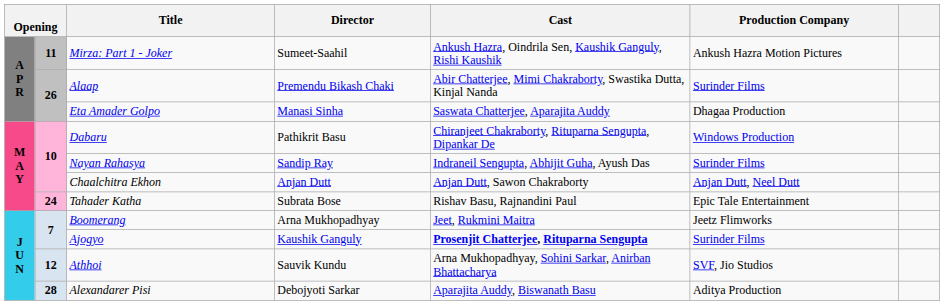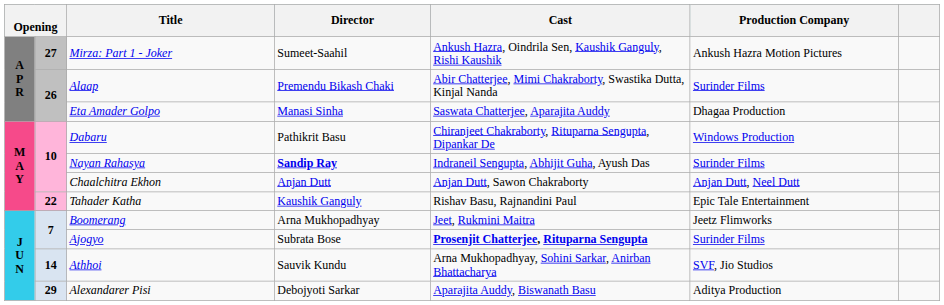 <table class="wikitable sortable">
 <tr style="background:#b0e0e6; text-align:centre;">
 <th Colspan="2" style="width:6%;"><br><strong>Opening</strong></th>
 <th style="width:20%;">Title</th>
 <th style="width:15%;">Director</th>
 <th style="width:25%;">Cast</th>
 <th style="width:20%;">Production Company</th>
 <th style="width:4%;"><strong></strong></th>
 </tr>
 <tr>
 <th rowspan="3" style="text-align:center; background:#808080; textcolor:#000;"><strong>A<br>P<br>R</strong></th>
-<td style="text-align:center;background:#C0C0C0;"><strong>11</strong></td>
+<td style="text-align:center;background:#C0C0C0;"><strong>27</strong></td>
 <td><em><a href='#'>Mirza: Part 1 - Joker</a></em></td>
 <td>Sumeet-Saahil</td>
 <td><a href='#'>Ankush Hazra</a>, Oindrila Sen, <a href='#'>Kaushik Ganguly</a>, <a href='#'>Rishi Kaushik</a></td>
 <td>Ankush Hazra Motion Pictures</td>
 <td></td>
 </tr>
 <tr>
 <td rowspan="2" style="text-align:center;background:#C0C0C0;"><strong>26</strong></td>
 <td><em><a href='#'>Alaap</a></em></td>
 <td><a href='#'>Premendu Bikash Chaki</a></td>
 <td><a href='#'>Abir Chatterjee</a>, <a href='#'>Mimi Chakraborty</a>, Swastika Dutta, Kinjal Nanda</td>
 <td><a href='#'>Surinder Films</a></td>
 <td></td>
 </tr>
 <tr>
 <td><em><a href='#'>Eta Amader Golpo</a></em></td>
 <td><a href='#'>Manasi Sinha</a></td>
 <td><a href='#'>Saswata Chatterjee</a>, <a href='#'>Aparajita Auddy</a></td>
 <td>Dhagaa Production</td>
 <td></td>
 </tr>
 <tr>
 <th rowspan="4" style="text-align:center; background:#f64a8a;"><strong>M<br>A<br>Y</strong></th>
 <td rowspan="3" style="text-align:center;background:#ffb5da;"><strong>10</strong></td>
 <td><em><a href='#'>Dabaru</a></em></td>
 <td>Pathikrit Basu</td>
 <td><a href='#'>Chiranjeet Chakraborty</a>, <a href='#'>Rituparna Sengupta</a>, <a href='#'>Dipankar De</a></td>
 <td><a href='#'>Windows Production</a></td>
 <td></td>
 </tr>
 <tr>
 <td><em><a href='#'>Nayan Rahasya</a></em></td>
-<td><a href='#'>Sandip Ray</a></td>
+<td><strong><a href='#'>Sandip Ray</a></strong></td>
 <td><a href='#'>Indraneil Sengupta</a>, <a href='#'>Abhijit Guha</a>, Ayush Das</td>
 <td><a href='#'>Surinder Films</a></td>
 <td></td>
 </tr>
 <tr>
 <td><em>Chaalchitra Ekhon</em></td>
 <td><a href='#'>Anjan Dutt</a></td>
 <td><a href='#'>Anjan Dutt</a>, Sawon Chakraborty</td>
 <td><a href='#'>Anjan Dutt</a>, <a href='#'>Neel Dutt</a></td>
 <td></td>
 </tr>
 <tr>
-<th rowspan="1" style="text-align:center;background:#ffb5da;"><strong>24</strong></th>
+<th rowspan="1" style="text-align:center;background:#ffb5da;"><strong>22</strong></th>
 <td><em>Tahader Katha</em></td>
-<td>Subrata Bose</td>
+<td><a href='#'>Kaushik Ganguly</a></td>
 <td>Rishav Basu, Rajnandini Paul</td>
 <td>Epic Tale Entertainment</td>
 <td></td>
 </tr>
 <tr>
 <th rowspan="5" style="text-align:center; background:#33CCEA; textcolor:#000;"><strong>J<br>U<br>N</strong></th>
 <td rowspan="2" style="text-align:center;background:#d9e4f1;"><strong>7</strong></td>
 <td><em><a href='#'>Boomerang</a></em></td>
 <td>Arna Mukhopadhyay</td>
 <td><a href='#'>Jeet</a>, <a href='#'>Rukmini Maitra</a></td>
 <td>Jeetz Flimworks</td>
 <td></td>
 </tr>
 <tr>
 <td><em><a href='#'>Ajogyo</a></em></td>
-<td><a href='#'>Kaushik Ganguly</a></td>
+<td>Subrata Bose</td>
 <td><strong><a href='#'>Prosenjit Chatterjee</a>, <a href='#'>Rituparna Sengupta</a></strong></td>
 <td><a href='#'>Surinder Films</a></td>
 <td></td>
 </tr>
 <tr>
-<th rowspan="1" style="text-align:center;background:#d9e4f1;"><strong>12</strong></th>
+<th rowspan="1" style="text-align:center;background:#d9e4f1;"><strong>14</strong></th>
 <td><em><a href='#'>Athhoi</a></em></td>
 <td>Sauvik Kundu</td>
 <td>Arna Mukhopadhyay, <a href='#'>Sohini Sarkar</a>, <a href='#'>Anirban Bhattacharya</a></td>
 <td><a href='#'>SVF</a>, Jio Studios</td>
 <td></td>
 </tr>
 <tr>
-<th rowspan="1" style="text-align:center;background:#d9e4f1;"><strong>28</strong></th>
+<th rowspan="1" style="text-align:center;background:#d9e4f1;"><strong>29</strong></th>
 <td><em>Alexandarer Pisi</em></td>
 <td>Debojyoti Sarkar</td>
 <td><a href='#'>Aparajita Auddy</a>, <a href='#'>Biswanath Basu</a></td>
 <td>Aditya Production</td>
 <td></td>
 </tr>
 </table>
